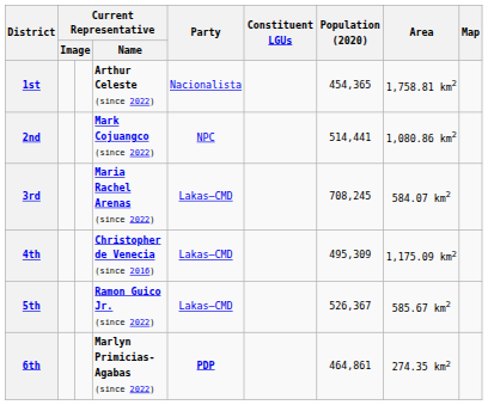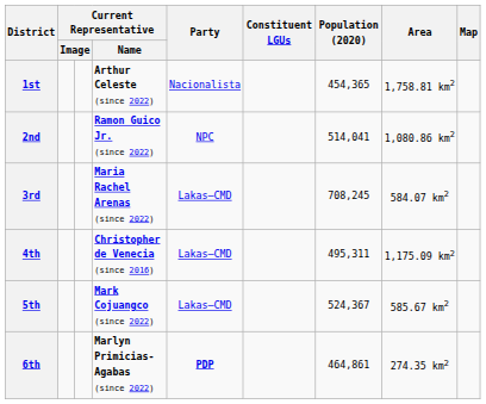 <table class="wikitable sortable" style="margin: 1em auto; font-size:100%; line-height:20px; text-align:center">
 <tr>
 <th rowspan="2">District</th>
 <th colspan="3">Current Representative</th>
 <th rowspan="2">Party</th>
 <th rowspan="2">Constituent <a href='#'>LGUs</a></th>
 <th rowspan="2">Population (2020)</th>
 <th rowspan="2">Area</th>
 <th rowspan="2">Map</th>
 </tr>
 <tr>
 <th colspan="2">Image</th>
 <th>Name</th>
 </tr>
 <tr>
 <th><a href='#'>1st</a></th>
 <td style="background:"></td>
 <td></td>
 <td style="text-align:left;"><strong>Arthur Celeste</strong><br><small>(since <a href='#'>2022</a>)</small></td>
 <td><a href='#'>Nacionalista</a></td>
 <td></td>
 <td>454,365</td>
 <td>1,758.81 km<sup>2</sup></td>
 <td></td>
 </tr>
 <tr>
 <th><a href='#'>2nd</a></th>
 <td style="background:"></td>
 <td></td>
-<td style="text-align:left;"><strong><a href='#'>Mark Cojuangco</a></strong><br><small>(since <a href='#'>2022</a>)</small></td>
+<td style="text-align:left;"><strong><a href='#'>Ramon Guico Jr.</a></strong><br><small>(since <a href='#'>2022</a>)</small></td>
 <td><a href='#'>NPC</a></td>
 <td></td>
-<td>514,441</td>
+<td>514,041</td>
 <td>1,080.86 km<sup>2</sup></td>
 <td></td>
 </tr>
 <tr>
 <th><a href='#'>3rd</a></th>
 <td style="background:"></td>
 <td></td>
 <td style="text-align:left;"><strong><a href='#'>Maria Rachel Arenas</a></strong><br><small>(since <a href='#'>2022</a>)</small></td>
 <td><a href='#'>Lakas–CMD</a></td>
 <td></td>
 <td>708,245</td>
 <td>584.07 km<sup>2</sup></td>
 <td></td>
 </tr>
 <tr>
 <th><a href='#'>4th</a></th>
 <td style="background:"></td>
 <td></td>
 <td style="text-align:left;"><strong><a href='#'>Christopher de Venecia</a></strong><br><small>(since <a href='#'>2016</a>)</small></td>
 <td><a href='#'>Lakas–CMD</a></td>
 <td></td>
-<td>495,309</td>
+<td>495,311</td>
 <td>1,175.09 km<sup>2</sup></td>
 <td></td>
 </tr>
 <tr>
 <th><a href='#'>5th</a></th>
 <td style="background:"></td>
 <td></td>
-<td style="text-align:left;"><strong><a href='#'>Ramon Guico Jr.</a></strong><br><small>(since <a href='#'>2022</a>)</small></td>
+<td style="text-align:left;"><strong><a href='#'>Mark Cojuangco</a></strong><br><small>(since <a href='#'>2022</a>)</small></td>
 <td><a href='#'>Lakas–CMD</a></td>
 <td></td>
-<td>526,367</td>
+<td>524,367</td>
 <td>585.67 km<sup>2</sup></td>
 <td></td>
 </tr>
 <tr>
 <th><a href='#'>6th</a></th>
 <td style="background:"></td>
 <td></td>
 <td style="text-align:left;"><strong>Marlyn Primicias-Agabas</strong><br><small>(since <a href='#'>2022</a>)</small></td>
 <td><strong><a href='#'>PDP</a></strong></td>
 <td></td>
 <td>464,861</td>
 <td>274.35 km<sup>2</sup></td>
 <td></td>
 </tr>
 </table>
